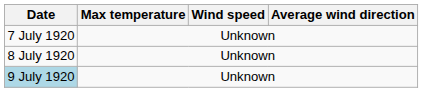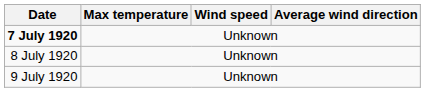 <table class="wikitable" style="text-align:right; font-size:90%">
 <tr>
 <th>Date</th>
 <th>Max temperature</th>
 <th>Wind speed</th>
 <th>Average wind direction</th>
 </tr>
 <tr>
-<td>7 July 1920</td>
+<td><strong>7 July 1920</strong></td>
 <td colspan=3 align=center>Unknown</td>
 </tr>
 <tr>
 <td>8 July 1920</td>
 <td colspan=3 align=center>Unknown</td>
 </tr>
 <tr>
-<td style="background: lightblue;">9 July 1920</td>
+<td>9 July 1920</td>
 <td colspan=3 align=center>Unknown</td>
 </tr>
 </table>
